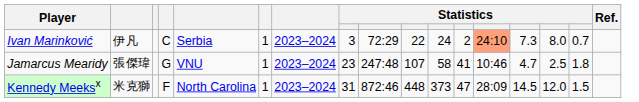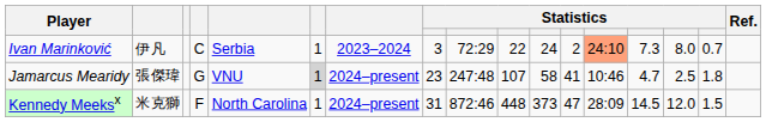 <table class="wikitable sortable" style="font-size:95%; text-align:right;">
 <tr>
 <th rowspan="2">Player</th>
 <th rowspan="2"></th>
 <th rowspan="2"></th>
 <th rowspan="2"></th>
 <th rowspan="2"></th>
 <th rowspan="2"></th>
 <th rowspan="2"></th>
 <th colspan="9">Statistics</th>
 <th rowspan="2">Ref.</th>
 </tr>
 <tr>
 <th></th>
 <th></th>
 <th></th>
 <th></th>
 <th></th>
 <th></th>
 <th></th>
 <th></th>
 <th></th>
 </tr>
 <tr>
 <td align="left"><em><a href='#'>Ivan Marinković</a></em></td>
 <td align="left">伊凡</td>
 <td align="center"></td>
 <td align="center">C</td>
 <td align="left"><a href='#'>Serbia</a></td>
 <td align="center">1</td>
 <td align="center"><a href='#'>2023–2024</a></td>
 <td>3</td>
 <td>72:29</td>
 <td>22</td>
 <td>24</td>
 <td>2</td>
 <td style="background: lightsalmon;">24:10</td>
 <td>7.3</td>
 <td>8.0</td>
 <td>0.7</td>
 <td align="center"></td>
 </tr>
 <tr>
 <td align="left"><em>Jamarcus Mearidy</em></td>
 <td align="left">張傑瑋</td>
 <td align="center"></td>
 <td align="center">G</td>
 <td align="left"><a href='#'>VNU</a></td>
-<td align="center">1</td>
-<td align="center"><a href='#'>2023–2024</a></td>
+<td align="center" style="background: lightgrey;">1</td>
+<td align="center"><a href='#'>2024–present</a></td>
 <td>23</td>
 <td>247:48</td>
 <td>107</td>
 <td>58</td>
 <td>41</td>
 <td>10:46</td>
 <td>4.7</td>
 <td>2.5</td>
 <td>1.8</td>
 <td align="center"></td>
 </tr>
 <tr>
 <td align="left" bgcolor="#CCFFCC"><a href='#'>Kennedy Meeks</a><sup>x</sup></td>
 <td align="left">米克獅</td>
 <td align="center"></td>
 <td align="center">F</td>
 <td align="left"><a href='#'>North Carolina</a></td>
 <td align="center">1</td>
-<td align="center"><a href='#'>2023–2024</a></td>
+<td align="center"><a href='#'>2024–present</a></td>
 <td>31</td>
 <td>872:46</td>
 <td>448</td>
 <td>373</td>
 <td>47</td>
 <td>28:09</td>
 <td>14.5</td>
 <td>12.0</td>
 <td>1.5</td>
 <td align="center"></td>
 </tr>
 </table>
